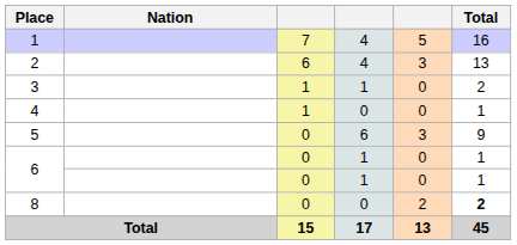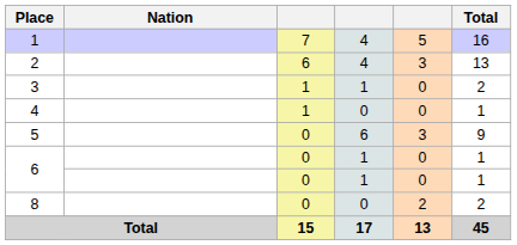 <table class=wikitable style="border:1px solid #AAAAAA;font-size:90%">
 <tr bgcolor="#EFEFEF">
 <th width=50>Place</th>
 <th width=200>Nation</th>
 <th width=50></th>
 <th width=50></th>
 <th width=50></th>
 <th width=50>Total</th>
 </tr>
 <tr align="center" style="background-color:#ccccff">
 <td>1</td>
 <td align="left"></td>
 <td style="background:#F7F6A8;">7</td>
 <td style="background:#DCE5E5;">4</td>
 <td style="background:#FFDAB9;">5</td>
 <td>16</td>
 </tr>
 <tr align="center" valign="top" bgcolor="#FFFFFF">
 <td>2</td>
 <td align="left"></td>
 <td style="background:#F7F6A8;">6</td>
 <td style="background:#DCE5E5;">4</td>
 <td style="background:#FFDAB9;">3</td>
 <td>13</td>
 </tr>
 <tr align="center" valign="top" bgcolor="#FFFFFF">
 <td>3</td>
 <td align="left"></td>
 <td style="background:#F7F6A8;">1</td>
 <td style="background:#DCE5E5;">1</td>
 <td style="background:#FFDAB9;">0</td>
 <td>2</td>
 </tr>
 <tr align="center" valign="top" bgcolor="#FFFFFF">
 <td>4</td>
 <td align="left"></td>
 <td style="background:#F7F6A8;">1</td>
 <td style="background:#DCE5E5;">0</td>
 <td style="background:#FFDAB9;">0</td>
 <td>1</td>
 </tr>
 <tr align="center" valign="top" bgcolor="#FFFFFF">
 <td>5</td>
 <td align="left"></td>
 <td style="background:#F7F6A8;">0</td>
 <td style="background:#DCE5E5;">6</td>
 <td style="background:#FFDAB9;">3</td>
 <td>9</td>
 </tr>
 <tr align="center" valign="center" bgcolor="#FFFFFF">
 <td rowspan="2" valign="center">6</td>
 <td align="left"></td>
 <td style="background:#F7F6A8;">0</td>
 <td style="background:#DCE5E5;">1</td>
 <td style="background:#FFDAB9;">0</td>
 <td>1</td>
 </tr>
 <tr align="center" valign="top" bgcolor="#FFFFFF">
 <td align="left"></td>
 <td style="background:#F7F6A8;">0</td>
 <td style="background:#DCE5E5;">1</td>
 <td style="background:#FFDAB9;">0</td>
 <td>1</td>
 </tr>
 <tr align="center" valign="top" bgcolor="#FFFFFF">
 <td>8</td>
 <td align="left"></td>
 <td style="background:#F7F6A8;">0</td>
 <td style="background:#DCE5E5;">0</td>
 <td style="background:#FFDAB9;">2</td>
-<td><strong>2</strong></td>
+<td>2</td>
 </tr>
 <tr align="center">
 <td colspan="2" bgcolor=D3D3D3><strong>Total</strong></td>
 <td style="background:#F7F6A8;"><strong>15</strong></td>
 <td style="background:#DCE5E5;"><strong>17</strong></td>
 <td style="background:#FFDAB9;"><strong>13</strong></td>
 <td bgcolor=D3D3D3><strong>45</strong></td>
 </tr>
 </table>
